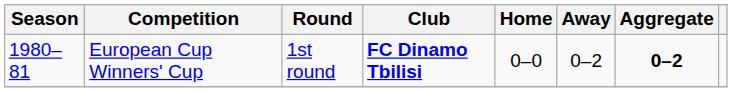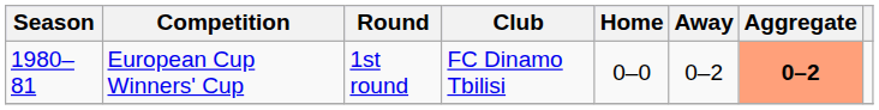 <table class="wikitable" style="text-align: left; font-size:100%">
 <tr bgcolor="#ccccff">
 <th>Season</th>
 <th>Competition</th>
 <th>Round</th>
 <th>Club</th>
 <th>Home</th>
 <th>Away</th>
 <th>Aggregate</th>
 <th></th>
 </tr>
 <tr>
 <td><a href='#'>1980–81</a></td>
 <td><a href='#'>European Cup Winners' Cup</a></td>
 <td><a href='#'>1st round</a></td>
-<td><strong> <a href='#'>FC Dinamo Tbilisi</a></strong></td>
+<td> <a href='#'>FC Dinamo Tbilisi</a></td>
 <td align=center>0–0</td>
 <td align=center>0–2</td>
-<td align=center><strong>0–2</strong></td>
+<td align=center style="background: lightsalmon;"><strong>0–2</strong></td>
 <td align=center></td>
 </tr>
 <tr>
 </tr>
 </table>
